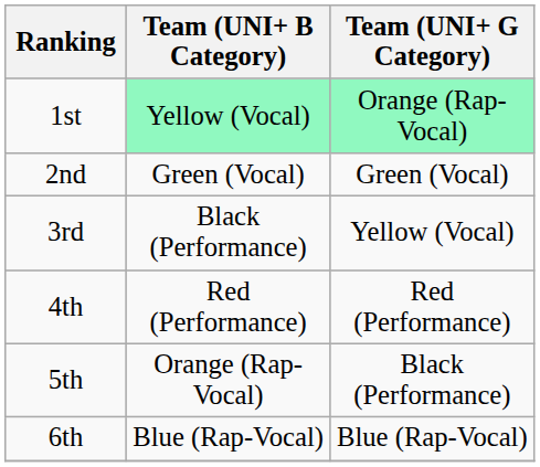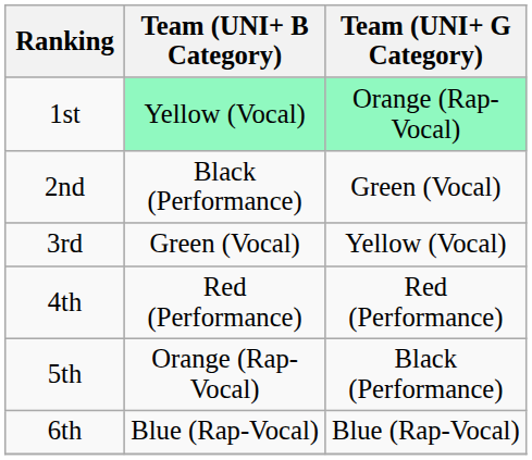 <table class="wikitable" style="text-align: center; width:50%;">
 <tr>
 <th style="width:5%;">Ranking</th>
 <th style="width:20%;">Team (UNI+ B Category)</th>
 <th style="width:20%;">Team (UNI+ G Category)</th>
 </tr>
 <tr>
 <td>1st</td>
 <td style="background:#90F9C0;">Yellow (Vocal)</td>
 <td style="background:#90F9C0;">Orange (Rap-Vocal)</td>
 </tr>
 <tr>
 <td>2nd</td>
-<td>Green (Vocal)</td>
+<td>Black (Performance)</td>
 <td>Green (Vocal)</td>
 </tr>
 <tr>
 <td>3rd</td>
-<td>Black (Performance)</td>
+<td>Green (Vocal)</td>
 <td>Yellow (Vocal)</td>
 </tr>
 <tr>
 <td>4th</td>
 <td>Red (Performance)</td>
 <td>Red (Performance)</td>
 </tr>
 <tr>
 <td>5th</td>
 <td>Orange (Rap-Vocal)</td>
 <td>Black (Performance)</td>
 </tr>
 <tr>
 <td>6th</td>
 <td>Blue (Rap-Vocal)</td>
 <td>Blue (Rap-Vocal)</td>
 </tr>
 <tr>
 </tr>
 </table>
